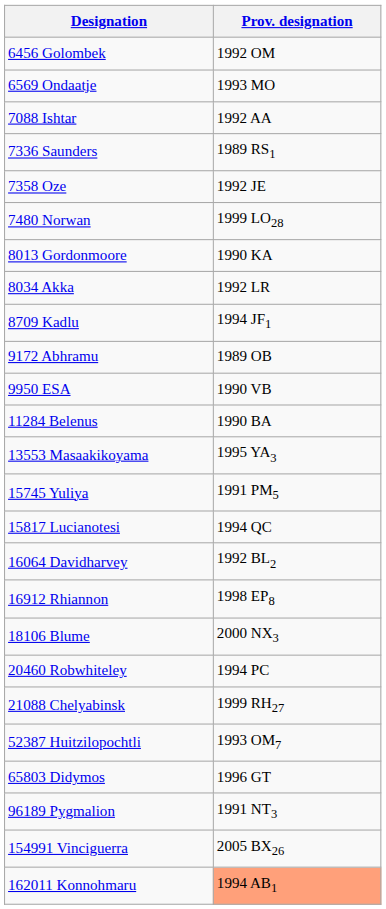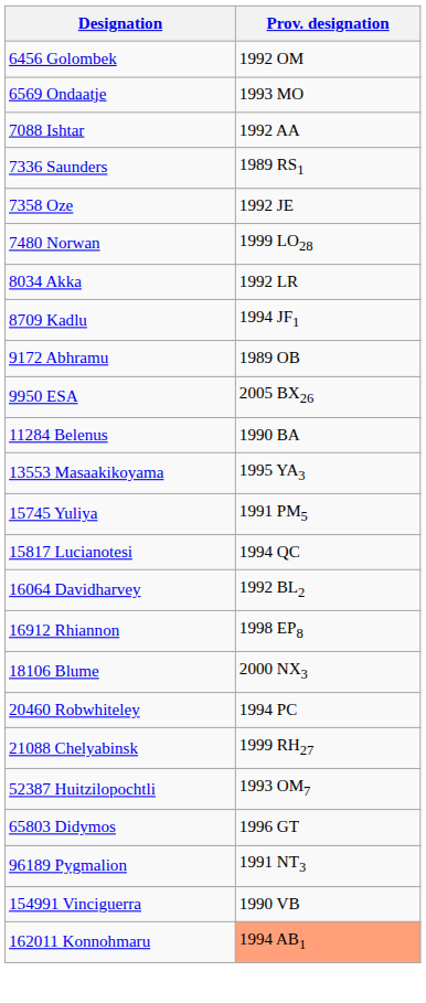 <table class="wikitable" style="font-size: 89%; float: left; width: 25em; margin-right: 1em; line-height: 1.65em !important; height: 675px;">
 <tr>
 <th align=left><a href='#'>Designation</a></th>
 <th align=left><a href='#'>Prov. designation</a></th>
 </tr>
 <tr>
 <td><a href='#'>6456 Golombek</a></td>
 <td>1992 OM</td>
 </tr>
 <tr>
 <td><a href='#'>6569 Ondaatje</a></td>
 <td>1993 MO</td>
 </tr>
 <tr>
 <td><a href='#'>7088 Ishtar</a></td>
 <td>1992 AA</td>
 </tr>
 <tr>
 <td><a href='#'>7336 Saunders</a></td>
 <td>1989 RS<sub>1</sub></td>
 </tr>
 <tr>
 <td><a href='#'>7358 Oze</a></td>
 <td>1992 JE</td>
 </tr>
 <tr>
 <td><a href='#'>7480 Norwan</a></td>
 <td>1999 LO<sub>28</sub></td>
 </tr>
 <tr>
-<td><a href='#'>8013 Gordonmoore</a></td>
-<td>1990 KA</td>
-</tr>
-<tr>
 <td><a href='#'>8034 Akka</a></td>
 <td>1992 LR</td>
 </tr>
 <tr>
 <td><a href='#'>8709 Kadlu</a></td>
 <td>1994 JF<sub>1</sub></td>
 </tr>
 <tr>
 <td><a href='#'>9172 Abhramu</a></td>
 <td>1989 OB</td>
 </tr>
 <tr>
 <td><a href='#'>9950 ESA</a></td>
-<td>1990 VB</td>
+<td>2005 BX<sub>26</sub></td>
 </tr>
 <tr>
 <td><a href='#'>11284 Belenus</a></td>
 <td>1990 BA</td>
 </tr>
 <tr>
 <td><a href='#'>13553 Masaakikoyama</a></td>
 <td>1995 YA<sub>3</sub></td>
 </tr>
 <tr>
 <td><a href='#'>15745 Yuliya</a></td>
 <td>1991 PM<sub>5</sub></td>
 </tr>
 <tr>
 <td><a href='#'>15817 Lucianotesi</a></td>
 <td>1994 QC</td>
 </tr>
 <tr>
 <td><a href='#'>16064 Davidharvey</a></td>
 <td>1992 BL<sub>2</sub></td>
 </tr>
 <tr>
 <td><a href='#'>16912 Rhiannon</a></td>
 <td>1998 EP<sub>8</sub></td>
 </tr>
 <tr>
 <td><a href='#'>18106 Blume</a></td>
 <td>2000 NX<sub>3</sub></td>
 </tr>
 <tr>
 <td><a href='#'>20460 Robwhiteley</a></td>
 <td>1994 PC</td>
 </tr>
 <tr>
 <td><a href='#'>21088 Chelyabinsk</a></td>
 <td>1999 RH<sub>27</sub></td>
 </tr>
 <tr>
 <td><a href='#'>52387 Huitzilopochtli</a></td>
 <td>1993 OM<sub>7</sub></td>
 </tr>
 <tr>
 <td><a href='#'>65803 Didymos</a></td>
 <td>1996 GT</td>
 </tr>
 <tr>
 <td><a href='#'>96189 Pygmalion</a></td>
 <td>1991 NT<sub>3</sub></td>
 </tr>
 <tr>
 <td><a href='#'>154991 Vinciguerra</a></td>
-<td>2005 BX<sub>26</sub></td>
+<td>1990 VB</td>
 </tr>
 <tr>
 <td><a href='#'>162011 Konnohmaru</a></td>
 <td style="background: lightsalmon;">1994 AB<sub>1</sub></td>
 </tr>
 </table>
